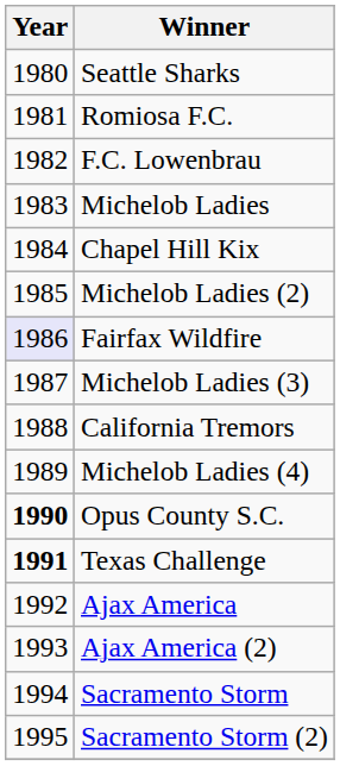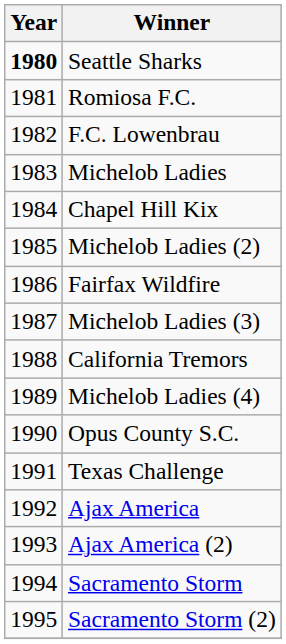 <table class="wikitable">
 <tr>
 <th>Year</th>
 <th>Winner</th>
 </tr>
 <tr>
-<td>1980</td>
+<td><strong>1980</strong></td>
 <td>Seattle Sharks</td>
 </tr>
 <tr>
 <td>1981</td>
 <td>Romiosa F.C.</td>
 </tr>
 <tr>
 <td>1982</td>
 <td>F.C. Lowenbrau</td>
 </tr>
 <tr>
 <td>1983</td>
 <td>Michelob Ladies</td>
 </tr>
 <tr>
 <td>1984</td>
 <td>Chapel Hill Kix</td>
 </tr>
 <tr>
 <td>1985</td>
 <td>Michelob Ladies (2)</td>
 </tr>
 <tr>
-<td style="background: lavender;">1986</td>
+<td>1986</td>
 <td>Fairfax Wildfire</td>
 </tr>
 <tr>
 <td>1987</td>
 <td>Michelob Ladies (3)</td>
 </tr>
 <tr>
 <td>1988</td>
 <td>California Tremors</td>
 </tr>
 <tr>
 <td>1989</td>
 <td>Michelob Ladies (4)</td>
 </tr>
 <tr>
-<td><strong>1990</strong></td>
+<td>1990</td>
 <td>Opus County S.C.</td>
 </tr>
 <tr>
-<td><strong>1991</strong></td>
+<td>1991</td>
 <td>Texas Challenge</td>
 </tr>
 <tr>
 <td>1992</td>
 <td><a href='#'>Ajax America</a></td>
 </tr>
 <tr>
 <td>1993</td>
 <td><a href='#'>Ajax America</a> (2)</td>
 </tr>
 <tr>
 <td>1994</td>
 <td><a href='#'>Sacramento Storm</a></td>
 </tr>
 <tr>
 <td>1995</td>
 <td><a href='#'>Sacramento Storm</a> (2)</td>
 </tr>
 <tr>
 </tr>
 </table>
